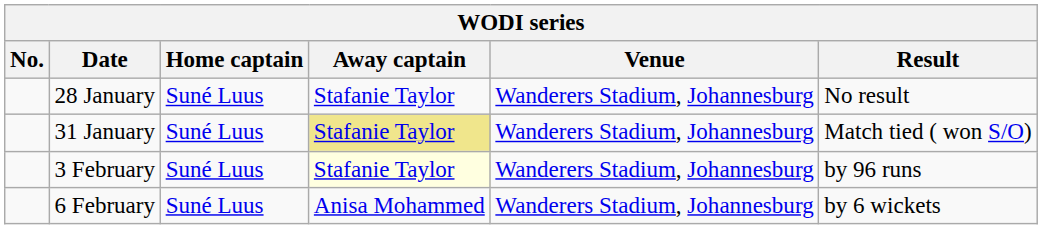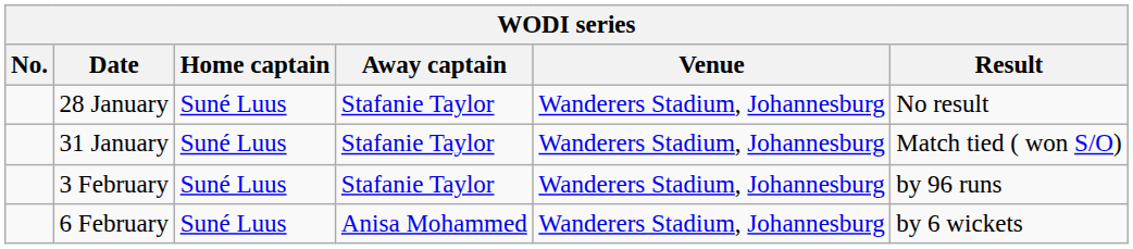 <table class="wikitable">
 <tr>
 <th colspan="9">WODI series</th>
 </tr>
 <tr>
 <th>No.</th>
 <th>Date</th>
 <th>Home captain</th>
 <th>Away captain</th>
 <th>Venue</th>
 <th>Result</th>
 </tr>
 <tr>
 <td></td>
 <td>28 January</td>
 <td><a href='#'>Suné Luus</a></td>
 <td><a href='#'>Stafanie Taylor</a></td>
 <td><a href='#'>Wanderers Stadium</a>, <a href='#'>Johannesburg</a></td>
 <td>No result</td>
 </tr>
 <tr>
 <td></td>
 <td>31 January</td>
 <td><a href='#'>Suné Luus</a></td>
-<td style="background: khaki;"><a href='#'>Stafanie Taylor</a></td>
+<td><a href='#'>Stafanie Taylor</a></td>
 <td><a href='#'>Wanderers Stadium</a>, <a href='#'>Johannesburg</a></td>
 <td>Match tied ( won <a href='#'>S/O</a>)</td>
 </tr>
 <tr>
 <td></td>
 <td>3 February</td>
 <td><a href='#'>Suné Luus</a></td>
-<td style="background: lightyellow;"><a href='#'>Stafanie Taylor</a></td>
+<td><a href='#'>Stafanie Taylor</a></td>
 <td><a href='#'>Wanderers Stadium</a>, <a href='#'>Johannesburg</a></td>
 <td> by 96 runs</td>
 </tr>
 <tr>
 <td></td>
 <td>6 February</td>
 <td><a href='#'>Suné Luus</a></td>
 <td><a href='#'>Anisa Mohammed</a></td>
 <td><a href='#'>Wanderers Stadium</a>, <a href='#'>Johannesburg</a></td>
 <td> by 6 wickets</td>
 </tr>
 </table>
